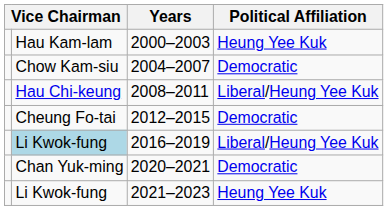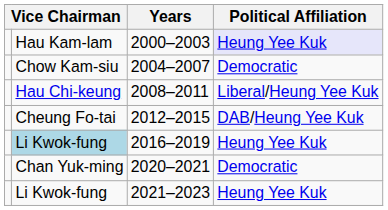 <table class="wikitable">
 <tr>
 <th colspan=2>Vice Chairman</th>
 <th>Years</th>
 <th>Political Affiliation</th>
 </tr>
 <tr>
 <td style="color:inherit;background:"></td>
 <td>Hau Kam-lam</td>
 <td>2000–2003</td>
-<td><a href='#'>Heung Yee Kuk</a></td>
+<td style="background: lavender;"><a href='#'>Heung Yee Kuk</a></td>
 </tr>
 <tr>
 <td style="color:inherit;background: "></td>
 <td>Chow Kam-siu</td>
 <td>2004–2007</td>
 <td><a href='#'>Democratic</a></td>
 </tr>
 <tr>
 <td style="color:inherit;background:"></td>
 <td><a href='#'>Hau Chi-keung</a></td>
 <td>2008–2011</td>
 <td><a href='#'>Liberal</a>/<a href='#'>Heung Yee Kuk</a></td>
 </tr>
 <tr>
 <td style="color:inherit;background:"></td>
 <td>Cheung Fo-tai</td>
 <td>2012–2015</td>
-<td><a href='#'>Democratic</a></td>
+<td><a href='#'>DAB</a>/<a href='#'>Heung Yee Kuk</a></td>
 </tr>
 <tr>
 <td style="color:inherit;background:"></td>
 <td style="background: lightblue;">Li Kwok-fung</td>
 <td>2016–2019</td>
-<td><a href='#'>Liberal</a>/<a href='#'>Heung Yee Kuk</a></td>
+<td><a href='#'>Heung Yee Kuk</a></td>
 </tr>
 <tr>
 <td style="color:inherit;background:"></td>
 <td>Chan Yuk-ming</td>
 <td>2020–2021</td>
 <td><a href='#'>Democratic</a></td>
 </tr>
 <tr>
 <td style="color:inherit;background:"></td>
 <td>Li Kwok-fung</td>
 <td>2021–2023</td>
 <td><a href='#'>Heung Yee Kuk</a></td>
 </tr>
 </table>
